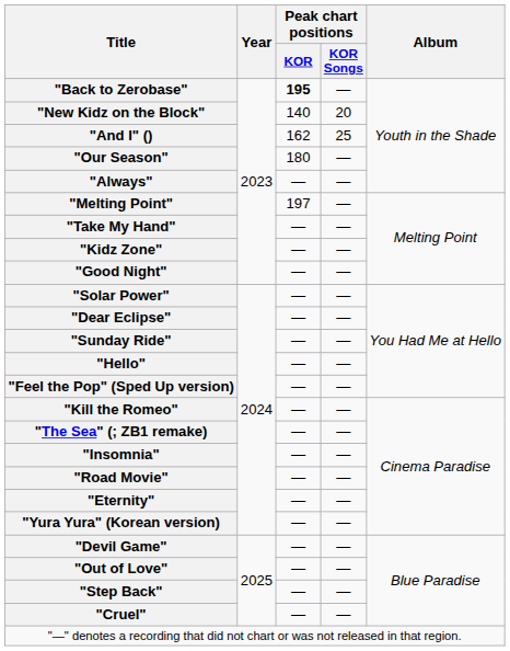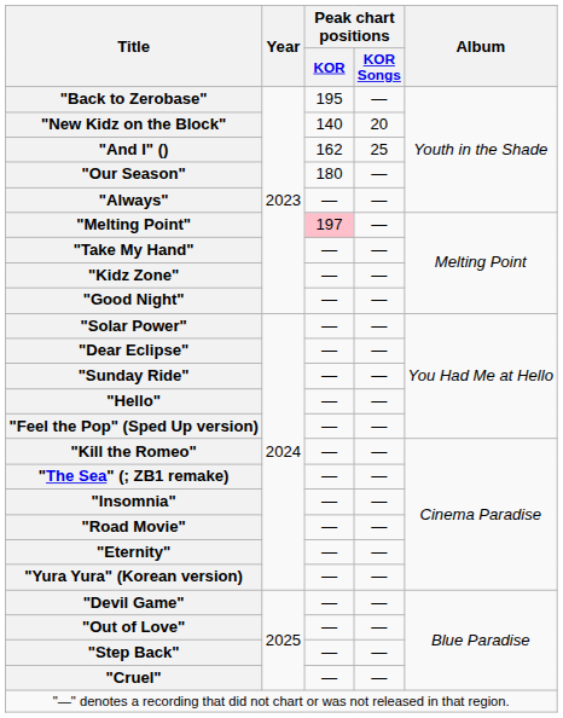 <table class="wikitable plainrowheaders" style="text-align:center">
 <tr>
 <th scope="col" rowspan="2">Title</th>
 <th scope="col" rowspan="2">Year</th>
 <th scope="col" colspan="2">Peak chart positions</th>
 <th scope="col" rowspan="2">Album</th>
 </tr>
 <tr>
 <th scope="col" style="font-size:90%; width:3em"><a href='#'>KOR</a><br></th>
 <th scope="col" style="font-size:90%; width:3em"><a href='#'>KOR<br>Songs</a><br></th>
 </tr>
 <tr>
 <th scope="row">"Back to Zerobase"</th>
 <td rowspan="9">2023</td>
-<td><strong>195</strong></td>
+<td>195</td>
 <td>—</td>
 <td rowspan="5"><em>Youth in the Shade</em></td>
 </tr>
 <tr>
 <th scope="row">"New Kidz on the Block"</th>
 <td>140</td>
 <td>20</td>
 </tr>
 <tr>
 <th scope="row">"And I" ()</th>
 <td>162</td>
 <td>25</td>
 </tr>
 <tr>
 <th scope="row">"Our Season"</th>
 <td>180</td>
 <td>—</td>
 </tr>
 <tr>
 <th scope="row">"Always"</th>
 <td>—</td>
 <td>—</td>
 </tr>
 <tr>
 <th scope="row">"Melting Point"</th>
-<td>197</td>
+<td style="background: pink;">197</td>
 <td>—</td>
 <td rowspan="4"><em>Melting Point</em></td>
 </tr>
 <tr>
 <th scope="row">"Take My Hand"</th>
 <td>—</td>
 <td>—</td>
 </tr>
 <tr>
 <th scope="row">"Kidz Zone"</th>
 <td>—</td>
 <td>—</td>
 </tr>
 <tr>
 <th scope="row">"Good Night"</th>
 <td>—</td>
 <td>—</td>
 </tr>
 <tr>
 <th scope="row">"Solar Power"</th>
 <td rowspan="11">2024</td>
 <td>—</td>
 <td>—</td>
 <td rowspan="5"><em>You Had Me at Hello</em></td>
 </tr>
 <tr>
 <th scope="row">"Dear Eclipse"</th>
 <td>—</td>
 <td>—</td>
 </tr>
 <tr>
 <th scope="row">"Sunday Ride"</th>
 <td>—</td>
 <td>—</td>
 </tr>
 <tr>
 <th scope="row">"Hello"</th>
 <td>—</td>
 <td>—</td>
 </tr>
 <tr>
 <th scope="row">"Feel the Pop" (Sped Up version)</th>
 <td>—</td>
 <td>—</td>
 </tr>
 <tr>
 <th scope="row">"Kill the Romeo"</th>
 <td>—</td>
 <td>—</td>
 <td rowspan="6"><em>Cinema Paradise</em></td>
 </tr>
 <tr>
 <th scope="row">"<a href='#'>The Sea</a>" (; ZB1 remake)</th>
 <td>—</td>
 <td>—</td>
 </tr>
 <tr>
 <th scope="row">"Insomnia"</th>
 <td>—</td>
 <td>—</td>
 </tr>
 <tr>
 <th scope="row">"Road Movie"</th>
 <td>—</td>
 <td>—</td>
 </tr>
 <tr>
 <th scope="row">"Eternity"</th>
 <td>—</td>
 <td>—</td>
 </tr>
 <tr>
 <th scope="row">"Yura Yura" (Korean version)</th>
 <td>—</td>
 <td>—</td>
 </tr>
 <tr>
 <th scope="row">"Devil Game"</th>
 <td rowspan="4">2025</td>
 <td>—</td>
 <td>—</td>
 <td rowspan="4"><em>Blue Paradise</em></td>
 </tr>
 <tr>
 <th scope="row">"Out of Love"</th>
 <td>—</td>
 <td>—</td>
 </tr>
 <tr>
 <th scope="row">"Step Back"</th>
 <td>—</td>
 <td>—</td>
 </tr>
 <tr>
 <th scope="row">"Cruel"</th>
 <td>—</td>
 <td>—</td>
 </tr>
 <tr>
 <td colspan="5" style="font-size:85%">"—" denotes a recording that did not chart or was not released in that region.</td>
 </tr>
 </table>
